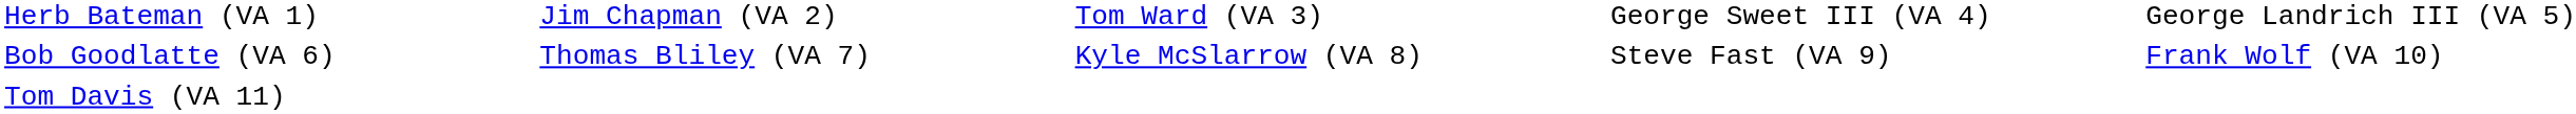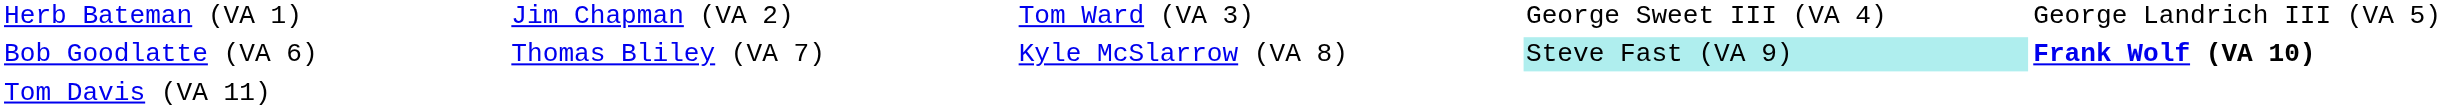 <table width="100%">
 <tr>
 <td width="20%"><a href='#'>Herb Bateman</a> (VA 1)</td>
 <td width="20%"><a href='#'>Jim Chapman</a> (VA 2)</td>
 <td width="20%"><a href='#'>Tom Ward</a> (VA 3)</td>
 <td width="20%">George Sweet III (VA 4)</td>
 <td width="20%">George Landrich III (VA 5)</td>
 </tr>
 <tr>
 <td><a href='#'>Bob Goodlatte</a> (VA 6)</td>
 <td><a href='#'>Thomas Bliley</a> (VA 7)</td>
 <td><a href='#'>Kyle McSlarrow</a> (VA 8)</td>
-<td>Steve Fast (VA 9)</td>
-<td><a href='#'>Frank Wolf</a> (VA 10)</td>
+<td style="background: paleturquoise;">Steve Fast (VA 9)</td>
+<td><strong><a href='#'>Frank Wolf</a> (VA 10)</strong></td>
 </tr>
 <tr>
 <td><a href='#'>Tom Davis</a> (VA 11)</td>
 </tr>
 </table>
